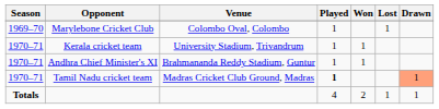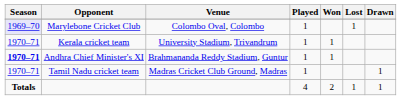 <table style="text-align:center; float:right; font-size:85%; margin-left:2em; margin:auto;"  class="wikitable">
 <tr>
 <th>Season</th>
 <th>Opponent</th>
 <th>Venue</th>
 <th>Played</th>
 <th>Won</th>
 <th>Lost</th>
 <th>Drawn</th>
 </tr>
 <tr>
 </tr>
 <tr>
-<td><a href='#'>1969–70</a></td>
+<td style="background: lavender;"><a href='#'>1969–70</a></td>
 <td><a href='#'>Marylebone Cricket Club</a></td>
 <td><a href='#'>Colombo Oval</a>, <a href='#'>Colombo</a></td>
 <td>1</td>
 <td></td>
 <td>1</td>
 <td></td>
 </tr>
 <tr>
 <td><a href='#'>1970–71</a></td>
 <td><a href='#'>Kerala cricket team</a></td>
 <td><a href='#'>University Stadium</a>, <a href='#'>Trivandrum</a></td>
 <td>1</td>
 <td>1</td>
 <td></td>
 <td></td>
 </tr>
 <tr>
-<td><a href='#'>1970–71</a></td>
+<td><strong><a href='#'>1970–71</a></strong></td>
 <td><a href='#'>Andhra Chief Minister's XI</a></td>
 <td><a href='#'>Brahmananda Reddy Stadium</a>, <a href='#'>Guntur</a></td>
 <td>1</td>
 <td>1</td>
 <td></td>
 <td></td>
 </tr>
 <tr>
 <td><a href='#'>1970–71</a></td>
 <td><a href='#'>Tamil Nadu cricket team</a></td>
 <td><a href='#'>Madras Cricket Club Ground</a>, <a href='#'>Madras</a></td>
-<td><strong>1</strong></td>
+<td>1</td>
 <td></td>
 <td></td>
-<td style="background: lightsalmon;">1</td>
+<td>1</td>
 </tr>
 <tr>
 <td><strong>Totals</strong></td>
 <td></td>
 <td></td>
 <td>4</td>
 <td>2</td>
 <td>1</td>
 <td>1</td>
 </tr>
 </table>
